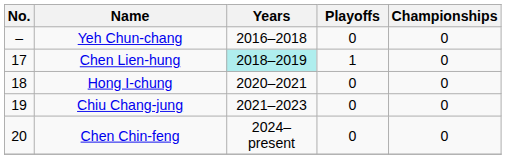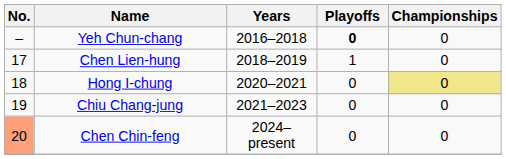 <table class=wikitable style="text-align:center; font-size:95%">
 <tr>
 <th width = "10">No.</th>
 <th width = "200">Name</th>
 <th width = "90">Years</th>
 <th width = "70">Playoffs</th>
 <th width = "70">Championships</th>
 </tr>
 <tr>
 <td>–</td>
 <td><a href='#'>Yeh Chun-chang</a></td>
 <td>2016–2018</td>
-<td>0</td>
+<td><strong>0</strong></td>
 <td>0</td>
 </tr>
 <tr>
 <td>17</td>
 <td><a href='#'>Chen Lien-hung</a></td>
-<td style="background: paleturquoise;">2018–2019</td>
+<td>2018–2019</td>
 <td>1</td>
 <td>0</td>
 </tr>
 <tr>
 <td>18</td>
 <td><a href='#'>Hong I-chung</a></td>
 <td>2020–2021</td>
 <td>0</td>
-<td>0</td>
+<td style="background: khaki;">0</td>
 </tr>
 <tr>
 <td>19</td>
 <td><a href='#'>Chiu Chang-jung</a></td>
 <td>2021–2023</td>
 <td>0</td>
 <td>0</td>
 </tr>
 <tr>
-<td>20</td>
+<td style="background: lightsalmon;">20</td>
 <td><a href='#'>Chen Chin-feng</a></td>
 <td>2024–present</td>
 <td>0</td>
 <td>0</td>
 </tr>
 <tr>
 </tr>
 </table>
